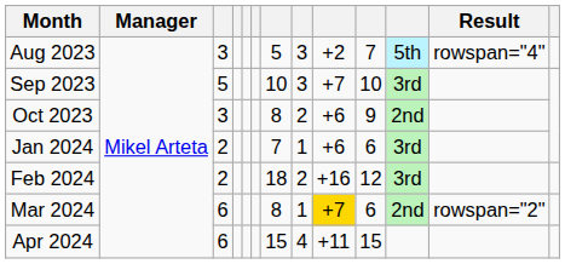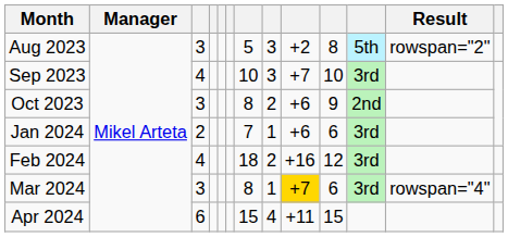 <table class="wikitable sortable" style="text-align:center; font-size:95%;">
 <tr>
 <th>Month</th>
 <th class="unsortable">Manager</th>
 <th></th>
 <th></th>
 <th></th>
 <th></th>
 <th></th>
 <th></th>
 <th></th>
 <th></th>
 <th></th>
 <th>Result</th>
 <th class="unsortable"></th>
 </tr>
 <tr>
 <td data-sort-value="1">Aug 2023</td>
 <td rowspan="7" style="text-align:left;"> <a href='#'>Mikel Arteta</a></td>
 <td>3</td>
 <td></td>
 <td></td>
 <td></td>
 <td>5</td>
 <td>3</td>
 <td>+2</td>
-<td>7</td>
+<td>8</td>
 <td style="background:#bbf3ff;">5th</td>
-<td>rowspan="4" </td>
+<td>rowspan="2" </td>
 <td></td>
 </tr>
 <tr>
 <td data-sort-value="2">Sep 2023</td>
-<td>5</td>
+<td>4</td>
 <td></td>
 <td></td>
 <td></td>
 <td>10</td>
 <td>3</td>
 <td>+7</td>
 <td>10</td>
 <td style="background:#bbf3bb;">3rd</td>
 <td></td>
 </tr>
 <tr>
 <td data-sort-value="3">Oct 2023</td>
 <td>3</td>
 <td></td>
 <td></td>
 <td></td>
 <td>8</td>
 <td>2</td>
 <td>+6</td>
 <td>9</td>
 <td style="background:#bbf3bb;">2nd</td>
 <td></td>
 </tr>
 <tr>
 <td data-sort-value="4">Jan 2024</td>
 <td>2</td>
 <td></td>
 <td></td>
 <td></td>
 <td>7</td>
 <td>1</td>
 <td>+6</td>
 <td>6</td>
 <td style="background:#bbf3bb;">3rd</td>
 <td></td>
 </tr>
 <tr>
 <td data-sort-value="5">Feb 2024</td>
-<td>2</td>
+<td>4</td>
 <td></td>
 <td></td>
 <td></td>
 <td>18</td>
 <td>2</td>
 <td>+16</td>
 <td>12</td>
 <td style="background:#bbf3bb;">3rd</td>
 <td></td>
 <td></td>
 </tr>
 <tr>
 <td data-sort-value="6">Mar 2024</td>
-<td>6</td>
+<td>3</td>
 <td></td>
 <td></td>
 <td></td>
 <td>8</td>
 <td>1</td>
 <td style="background: gold;">+7</td>
 <td>6</td>
-<td style="background:#bbf3bb;">2nd</td>
-<td>rowspan="2" </td>
+<td style="background:#bbf3bb;">3rd</td>
+<td>rowspan="4" </td>
 <td></td>
 </tr>
 <tr>
 <td data-sort-value="7">Apr 2024</td>
 <td>6</td>
 <td></td>
 <td></td>
 <td></td>
 <td>15</td>
 <td>4</td>
 <td>+11</td>
 <td>15</td>
 <td></td>
 <td></td>
 </tr>
 </table>
